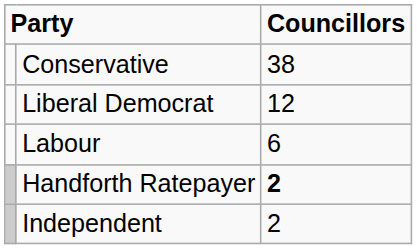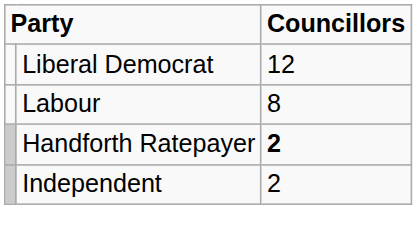 <table class="wikitable">
 <tr>
 <td width="150" colspan=2><strong>Party</strong></td>
 <td><strong>Councillors</strong></td>
-</tr>
-<tr>
-<td style="color:inherit;background:"></td>
-<td>Conservative</td>
-<td>38</td>
 </tr>
 <tr>
 <td style="color:inherit;background:"></td>
 <td>Liberal Democrat</td>
 <td>12</td>
 </tr>
 <tr>
 <td style="color:inherit;background:"></td>
 <td>Labour</td>
-<td>6</td>
+<td>8</td>
 </tr>
 <tr>
 <td style="color:inherit;background:#CCCCCC"></td>
 <td>Handforth Ratepayer</td>
 <td><strong>2</strong></td>
 </tr>
 <tr>
 <td style="color:inherit;background:#CCCCCC"></td>
 <td>Independent</td>
 <td>2</td>
 </tr>
 </table>
